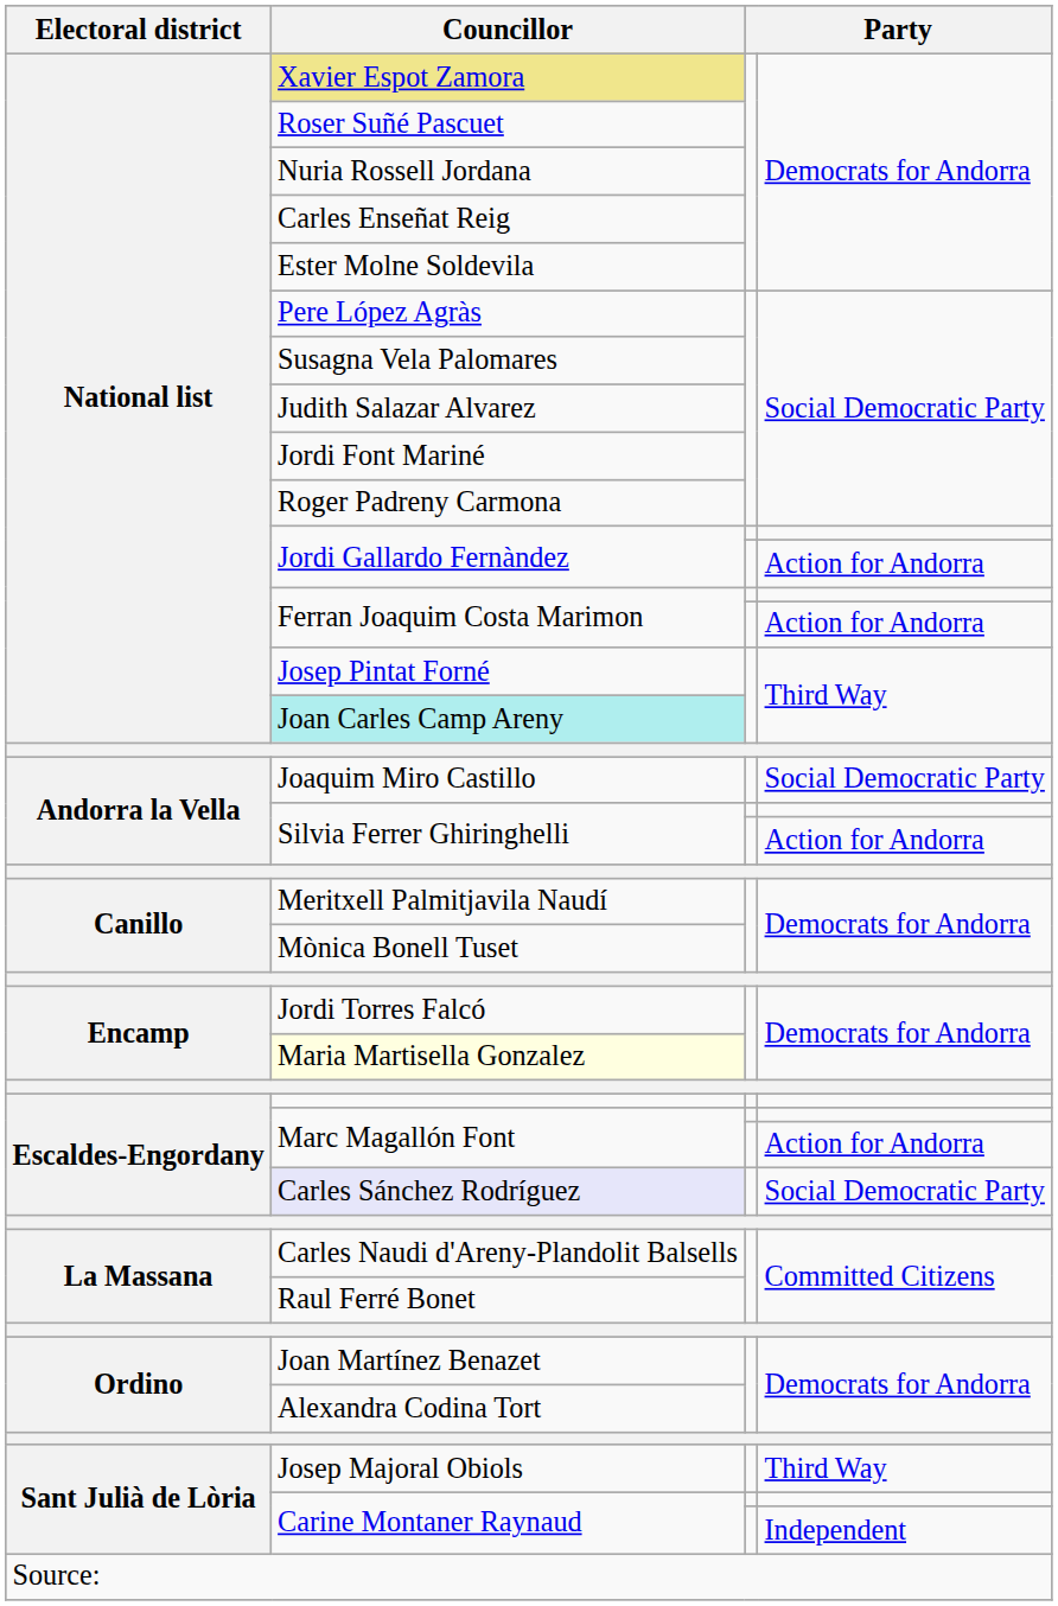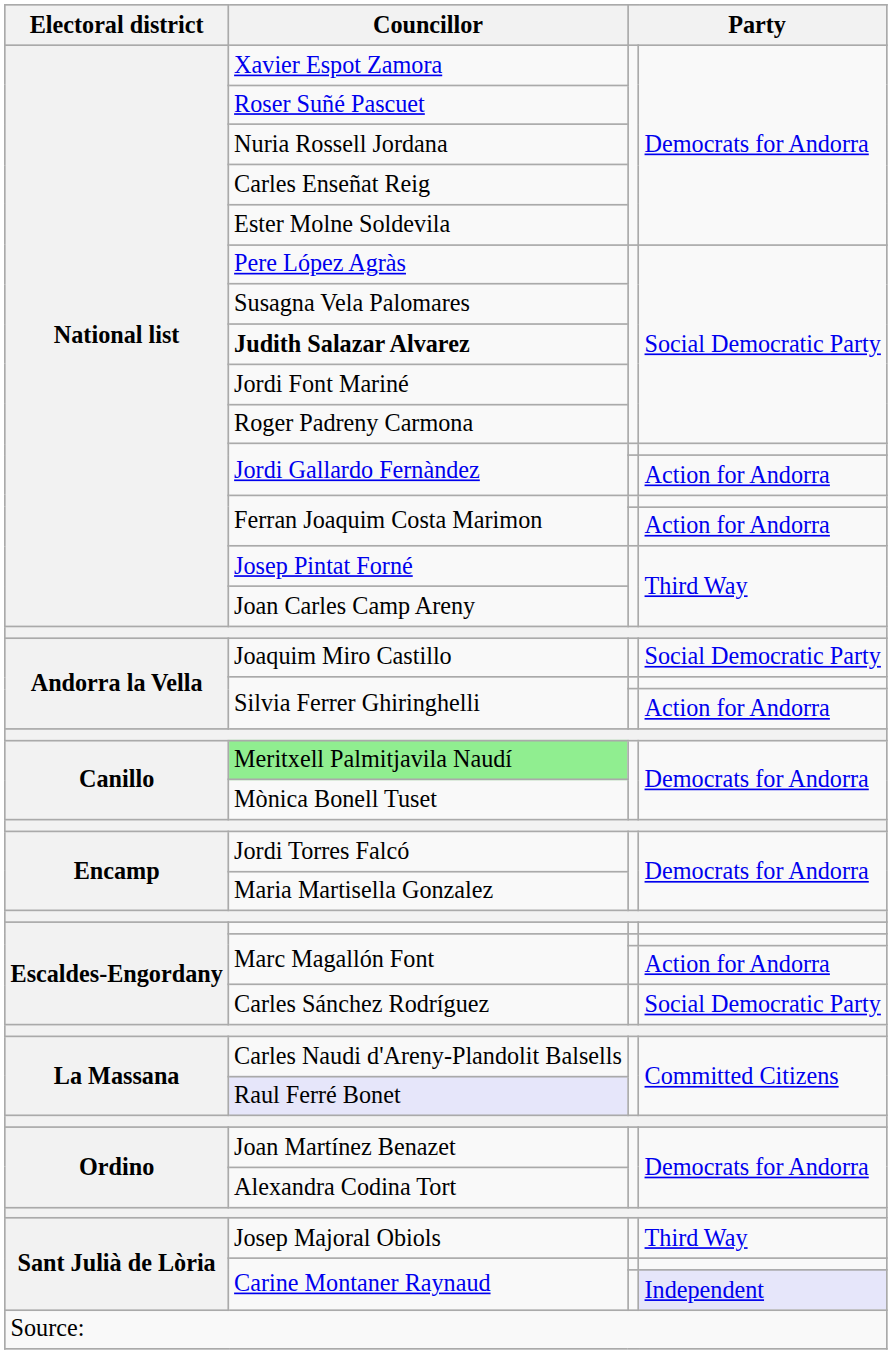 <table class="wikitable sortable" style="font-size:90%;">
 <tr>
 <th>Electoral district</th>
 <th>Councillor</th>
 <th colspan="2">Party</th>
 </tr>
 <tr>
 <th rowspan=16>National list</th>
-<td style="background: khaki;"><a href='#'>Xavier Espot Zamora</a></td>
+<td><a href='#'>Xavier Espot Zamora</a></td>
 <td rowspan=5 style="background:"></td>
 <td rowspan=5><a href='#'>Democrats for Andorra</a></td>
 </tr>
 <tr>
 <td><a href='#'>Roser Suñé Pascuet</a></td>
 </tr>
 <tr>
 <td>Nuria Rossell Jordana</td>
 </tr>
 <tr>
 <td>Carles Enseñat Reig</td>
 </tr>
 <tr>
 <td>Ester Molne Soldevila</td>
 </tr>
 <tr>
 <td><a href='#'>Pere López Agràs</a></td>
 <td rowspan=5 style="background:"></td>
 <td rowspan=5><a href='#'>Social Democratic Party</a></td>
 </tr>
 <tr>
 <td>Susagna Vela Palomares</td>
 </tr>
 <tr>
-<td>Judith Salazar Alvarez</td>
+<td><strong>Judith Salazar Alvarez</strong></td>
 </tr>
 <tr>
 <td>Jordi Font Mariné</td>
 </tr>
 <tr>
 <td>Roger Padreny Carmona</td>
 </tr>
 <tr>
 <td rowspan=2><a href='#'>Jordi Gallardo Fernàndez</a></td>
 <td style="background:"></td>
 <td></td>
 </tr>
 <tr>
 <td style="background:"></td>
 <td><a href='#'>Action for Andorra</a></td>
 </tr>
 <tr>
 <td rowspan=2>Ferran Joaquim Costa Marimon</td>
 <td style="background:"></td>
 <td></td>
 </tr>
 <tr>
 <td style="background:"></td>
 <td><a href='#'>Action for Andorra</a></td>
 </tr>
 <tr>
 <td><a href='#'>Josep Pintat Forné</a></td>
 <td rowspan=2 style="background:"></td>
 <td rowspan=2><a href='#'>Third Way</a></td>
 </tr>
 <tr>
-<td style="background: paleturquoise;">Joan Carles Camp Areny</td>
+<td>Joan Carles Camp Areny</td>
 </tr>
 <tr>
 <th colspan=6></th>
 </tr>
 <tr>
 <th rowspan=3>Andorra la Vella</th>
 <td>Joaquim Miro Castillo</td>
 <td style="background:"></td>
 <td><a href='#'>Social Democratic Party</a></td>
 </tr>
 <tr>
 <td rowspan=2>Silvia Ferrer Ghiringhelli</td>
 <td style="background:"></td>
 <td></td>
 </tr>
 <tr>
 <td style="background:"></td>
 <td><a href='#'>Action for Andorra</a></td>
 </tr>
 <tr>
 <th colspan=6></th>
 </tr>
 <tr>
 <th rowspan=2>Canillo</th>
-<td>Meritxell Palmitjavila Naudí</td>
+<td style="background: lightgreen;">Meritxell Palmitjavila Naudí</td>
 <td rowspan=2 style="background:"></td>
 <td rowspan=2><a href='#'>Democrats for Andorra</a></td>
 </tr>
 <tr>
 <td>Mònica Bonell Tuset</td>
 </tr>
 <tr>
 <th colspan=6></th>
 </tr>
 <tr>
 <th rowspan=2>Encamp</th>
 <td>Jordi Torres Falcó</td>
 <td rowspan=2 style="background:"></td>
 <td rowspan=2><a href='#'>Democrats for Andorra</a></td>
 </tr>
 <tr>
-<td style="background: lightyellow;">Maria Martisella Gonzalez</td>
+<td>Maria Martisella Gonzalez</td>
 </tr>
 <tr>
 <th colspan=6></th>
 </tr>
 <tr>
 <th rowspan=4>Escaldes-Engordany</th>
 <td></td>
 <td style="background:"></td>
 <td></td>
 </tr>
 <tr>
 <td rowspan=2>Marc Magallón Font</td>
 <td style="background:"></td>
 <td></td>
 </tr>
 <tr>
 <td style="background:"></td>
 <td><a href='#'>Action for Andorra</a></td>
 </tr>
 <tr>
-<td style="background: lavender;">Carles Sánchez Rodríguez</td>
+<td>Carles Sánchez Rodríguez</td>
 <td style="background:"></td>
 <td><a href='#'>Social Democratic Party</a></td>
 </tr>
 <tr>
 <th colspan=6></th>
 </tr>
 <tr>
 <th rowspan=2>La Massana</th>
 <td>Carles Naudi d'Areny-Plandolit Balsells</td>
 <td rowspan=2 style="background:"></td>
 <td rowspan=2><a href='#'>Committed Citizens</a></td>
 </tr>
 <tr>
-<td>Raul Ferré Bonet</td>
+<td style="background: lavender;">Raul Ferré Bonet</td>
 </tr>
 <tr>
 <th colspan=6></th>
 </tr>
 <tr>
 <th rowspan=2>Ordino</th>
 <td>Joan Martínez Benazet</td>
 <td rowspan=2 style="background:"></td>
 <td rowspan=2><a href='#'>Democrats for Andorra</a></td>
 </tr>
 <tr>
 <td>Alexandra Codina Tort</td>
 </tr>
 <tr>
 <th colspan=6></th>
 </tr>
 <tr>
 <th rowspan=3>Sant Julià de Lòria</th>
 <td>Josep Majoral Obiols</td>
 <td style="background:"></td>
 <td><a href='#'>Third Way</a></td>
 </tr>
 <tr>
 <td rowspan=2><a href='#'>Carine Montaner Raynaud</a></td>
 <td style="background:"></td>
 <td></td>
 </tr>
 <tr>
 <td style="background:"></td>
-<td><a href='#'>Independent</a></td>
+<td style="background: lavender;"><a href='#'>Independent</a></td>
 </tr>
 <tr>
 <td colspan=5>Source: </td>
 </tr>
 </table>
